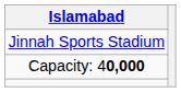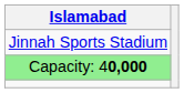 <table class="wikitable" style="text-align:center">
 <tr>
 <th><a href='#'>Islamabad</a></th>
 <th rowspan="4"></th>
 </tr>
 <tr>
 <td><a href='#'>Jinnah Sports Stadium</a></td>
 </tr>
 <tr>
-<td>Capacity: 4<strong>0,000</strong></td>
+<td style="background: lightgreen;">Capacity: 4<strong>0,000</strong></td>
 </tr>
 <tr>
 <td></td>
 </tr>
 </table>
